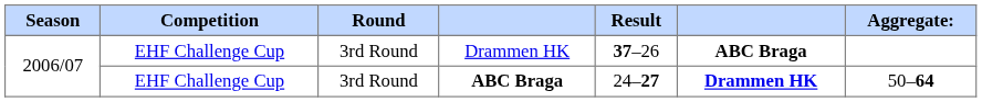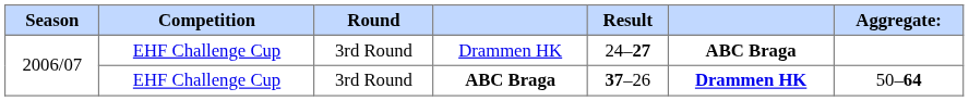 <table border=1 style="border-collapse:collapse; font-size:90%;" cellpadding=3 cellspacing=0 width=60%>
 <tr bgcolor=#C1D8FF>
 <th>Season</th>
 <th>Competition</th>
 <th>Round</th>
 <th></th>
 <th>Result</th>
 <th></th>
 <th>Aggregate:</th>
 </tr>
 <tr align=center>
 </tr>
 <tr align=center>
 <td rowspan=2>2006/07</td>
 <td><a href='#'>EHF Challenge Cup</a></td>
 <td>3rd Round</td>
 <td> <a href='#'>Drammen HK</a></td>
-<td><strong>37</strong>–26</td>
+<td>24–<strong>27</strong></td>
 <td><strong>ABC Braga</strong></td>
 </tr>
 <tr align=center>
 <td><a href='#'>EHF Challenge Cup</a></td>
 <td>3rd Round</td>
 <td><strong>ABC Braga</strong></td>
-<td>24–<strong>27</strong></td>
+<td><strong>37</strong>–26</td>
 <td><strong> <a href='#'>Drammen HK</a></strong></td>
 <td>50–<strong>64</strong></td>
 </tr>
 </table>
